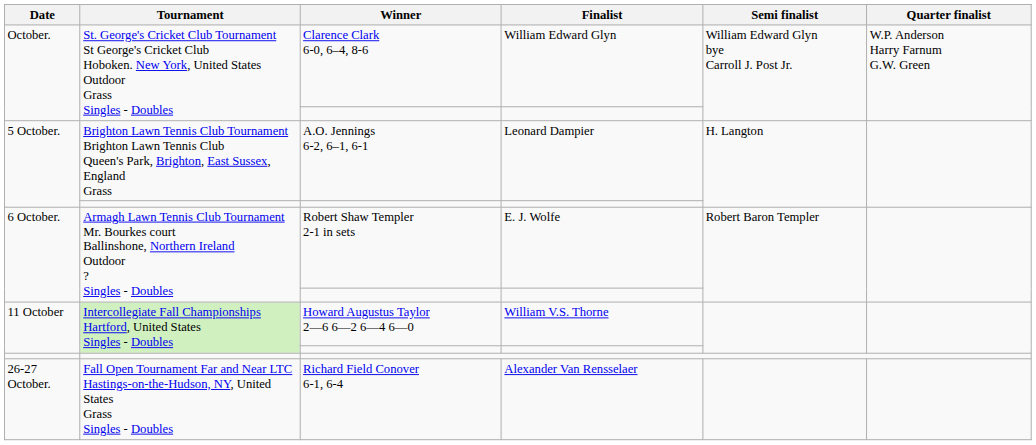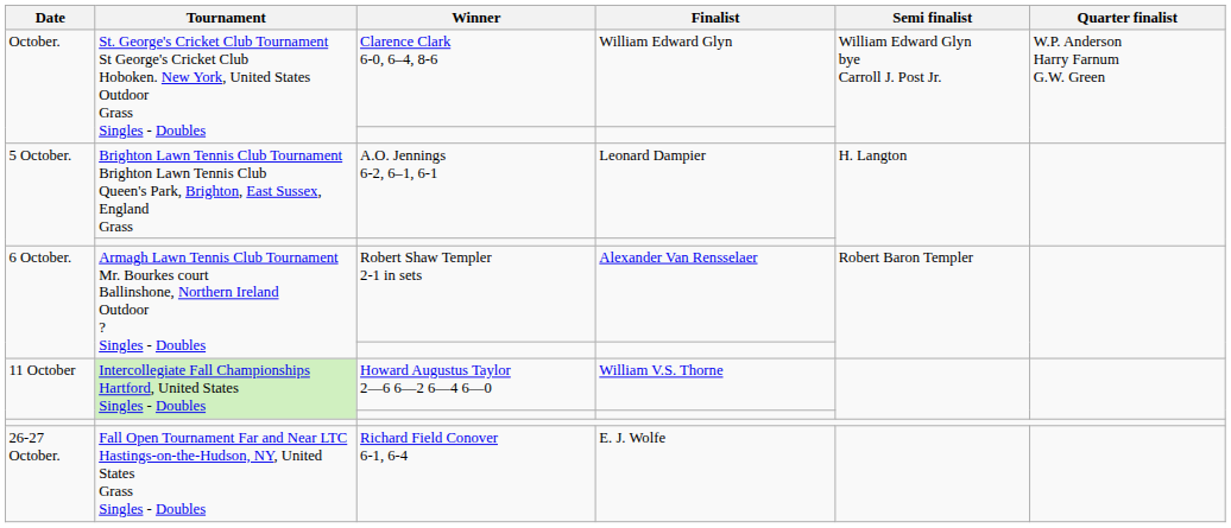 <table class="wikitable" style="font-size:85%;">
 <tr>
 <th width="75">Date</th>
 <th width="230">Tournament</th>
 <th width="210">Winner</th>
 <th width="210">Finalist</th>
 <th width="170">Semi finalist</th>
 <th width="170">Quarter finalist</th>
 </tr>
 <tr valign=top>
 <td rowspan=2>October.</td>
 <td rowspan=2><a href='#'>St. George's Cricket Club Tournament</a><br>St George's Cricket Club<br>Hoboken. <a href='#'>New York</a>, United States<br>Outdoor<br>Grass<br><a href='#'>Singles</a> - <a href='#'>Doubles</a></td>
 <td> <a href='#'>Clarence Clark</a><br>6-0, 6–4, 8-6</td>
 <td> William Edward Glyn</td>
 <td rowspan=2> William Edward Glyn<br>bye<br> Carroll J. Post Jr.<br></td>
 <td rowspan=2> W.P. Anderson<br>  Harry Farnum<br>  G.W. Green</td>
 </tr>
 <tr valign=top>
 <td></td>
 </tr>
 <tr valign=top>
 <td rowspan=2>5 October.</td>
 <td><a href='#'>Brighton Lawn Tennis Club Tournament</a><br>Brighton Lawn Tennis Club<br>Queen's Park, <a href='#'>Brighton</a>, <a href='#'>East Sussex</a>, England<br>Grass<br></td>
 <td> A.O. Jennings<br>6-2, 6–1, 6-1</td>
 <td> Leonard Dampier</td>
 <td rowspan=2> H. Langton</td>
 <td rowspan=2></td>
 </tr>
 <tr valign=top>
 <td></td>
 <td></td>
 </tr>
 <tr valign=top>
 <td rowspan=2>6 October.</td>
 <td rowspan=2><a href='#'>Armagh Lawn Tennis Club Tournament</a><br>Mr. Bourkes court<br>Ballinshone, <a href='#'>Northern Ireland</a><br>Outdoor<br>?<br><a href='#'>Singles</a> - <a href='#'>Doubles</a></td>
 <td> Robert Shaw Templer<br>2-1 in sets</td>
-<td> E. J. Wolfe</td>
+<td> <a href='#'>Alexander Van Rensselaer</a></td>
 <td rowspan=2> Robert Baron Templer</td>
 <td rowspan=2><br>   <br></td>
 </tr>
 <tr valign=top>
 <td></td>
 </tr>
 <tr valign=top>
 <td rowspan=2>11 October</td>
 <td style="background:#d0f0c0" rowspan=2><a href='#'>Intercollegiate Fall Championships</a><br><a href='#'>Hartford</a>, United States<br><a href='#'>Singles</a> - <a href='#'>Doubles</a></td>
 <td> <a href='#'>Howard Augustus Taylor</a><br>2—6 6—2 6—4 6—0</td>
 <td> <a href='#'>William V.S. Thorne</a></td>
 <td rowspan=2></td>
 <td rowspan=2></td>
 </tr>
 <tr valign=top>
 <td></td>
 <td></td>
 </tr>
 <tr valign=top>
 <td></td>
 <td></td>
 </tr>
 <tr valign=top>
 <td rowspan=2>26-27 October.</td>
 <td rowspan=2><a href='#'>Fall Open Tournament Far and Near LTC</a><br><a href='#'>Hastings-on-the-Hudson, NY</a>, United States<br>Grass<br><a href='#'>Singles</a> - <a href='#'>Doubles</a></td>
 <td> <a href='#'>Richard Field Conover</a><br>6-1, 6-4</td>
-<td> <a href='#'>Alexander Van Rensselaer</a></td>
+<td> E. J. Wolfe</td>
 <td rowspan=2></td>
 <td rowspan=2></td>
 </tr>
 </table>
